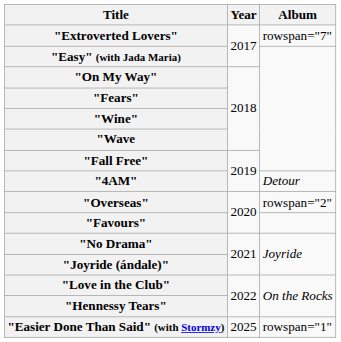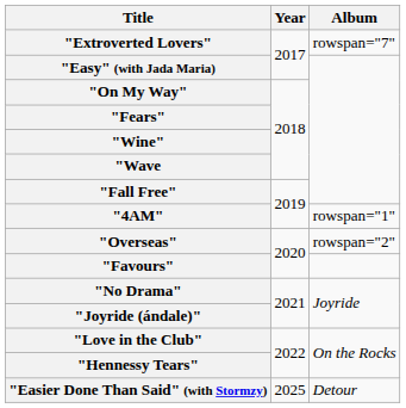 <table class="wikitable plainrowheaders">
 <tr>
 <th scope="col">Title</th>
 <th scope="col">Year</th>
 <th scope="col">Album</th>
 </tr>
 <tr>
 <th scope="row">"Extroverted Lovers"</th>
 <td rowspan="2">2017</td>
 <td>rowspan="7" </td>
 </tr>
 <tr>
 <th scope="row">"Easy" <small>(with Jada Maria)</small></th>
 </tr>
 <tr>
 <th scope="row">"On My Way"</th>
 <td rowspan="4">2018</td>
 </tr>
 <tr>
 <th scope="row">"Fears"</th>
 </tr>
 <tr>
 <th scope="row">"Wine"</th>
 </tr>
 <tr>
 <th scope="row">"Wave</th>
 </tr>
 <tr>
 <th scope="row">"Fall Free"</th>
 <td rowspan="2">2019</td>
 </tr>
 <tr>
 <th scope="row">"4AM"</th>
-<td><em>Detour</em></td>
+<td>rowspan="1" </td>
 </tr>
 <tr>
 <th scope="row">"Overseas"</th>
 <td rowspan="2">2020</td>
 <td>rowspan="2" </td>
 </tr>
 <tr>
 <th scope="row">"Favours"</th>
 </tr>
 <tr>
 <th scope="row">"No Drama"</th>
 <td rowspan="2">2021</td>
 <td rowspan="2"><em>Joyride</em></td>
 </tr>
 <tr>
 <th scope="row">"Joyride (ándale)"</th>
 </tr>
 <tr>
 <th scope="row">"Love in the Club"</th>
 <td rowspan="2">2022</td>
 <td rowspan="2"><em>On the Rocks</em></td>
 </tr>
 <tr>
 <th scope="row">"Hennessy Tears"</th>
 </tr>
 <tr>
 <th scope="row">"Easier Done Than Said" <small>(with <a href='#'>Stormzy</a>)</small></th>
 <td rowspan="1">2025</td>
-<td>rowspan="1" </td>
+<td><em>Detour</em></td>
 </tr>
 </table>
